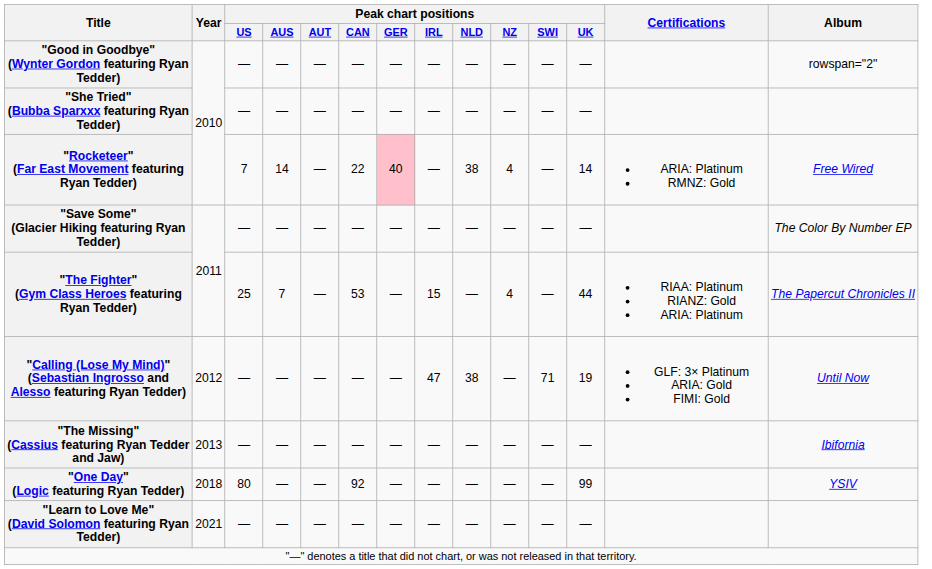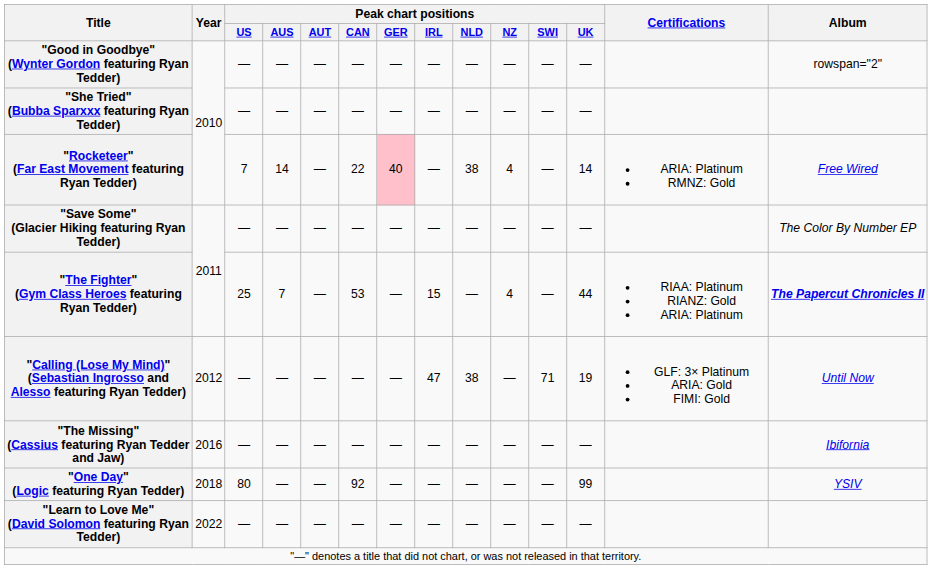 <table class="wikitable plainrowheaders" style="text-align:center;" border="1">
 <tr>
 <th scope="col" rowspan="2" style="width:15em;">Title</th>
 <th scope="col" rowspan="2">Year</th>
 <th scope="col" colspan="10">Peak chart positions</th>
 <th scope="col" rowspan="2" style="width:13em;"><a href='#'>Certifications</a></th>
 <th scope="col" rowspan="2">Album</th>
 </tr>
 <tr>
 <th scope="col" style="width:3em;font-size:90%;"><a href='#'>US</a><br></th>
 <th scope="col" style="width:3em;font-size:90%;"><a href='#'>AUS</a></th>
 <th scope="col" style="width:3em;font-size:90%;"><a href='#'>AUT</a></th>
 <th scope="col" style="width:3em;font-size:90%;"><a href='#'>CAN</a><br></th>
 <th scope="col" style="width:3em;font-size:90%;"><a href='#'>GER</a></th>
 <th scope="col" style="width:3em;font-size:90%;"><a href='#'>IRL</a></th>
 <th scope="col" style="width:3em;font-size:90%;"><a href='#'>NLD</a></th>
 <th scope="col" style="width:3em;font-size:90%;"><a href='#'>NZ</a></th>
 <th scope="col" style="width:3em;font-size:90%;"><a href='#'>SWI</a></th>
 <th scope="col" style="width:3em;font-size:90%;"><a href='#'>UK</a></th>
 </tr>
 <tr>
 <th scope="row">"Good in Goodbye"<br><span>(<a href='#'>Wynter Gordon</a> featuring Ryan Tedder)</span></th>
 <td rowspan="3">2010</td>
 <td>—</td>
 <td>—</td>
 <td>—</td>
 <td>—</td>
 <td>—</td>
 <td>—</td>
 <td>—</td>
 <td>—</td>
 <td>—</td>
 <td>—</td>
 <td></td>
 <td>rowspan="2" </td>
 </tr>
 <tr>
 <th scope="row">"She Tried"<br><span>(<a href='#'>Bubba Sparxxx</a> featuring Ryan Tedder)</span></th>
 <td>—</td>
 <td>—</td>
 <td>—</td>
 <td>—</td>
 <td>—</td>
 <td>—</td>
 <td>—</td>
 <td>—</td>
 <td>—</td>
 <td>—</td>
 <td></td>
 </tr>
 <tr>
 <th scope="row">"<a href='#'>Rocketeer</a>"<br><span>(<a href='#'>Far East Movement</a> featuring Ryan Tedder)</span></th>
 <td>7</td>
 <td>14</td>
 <td>—</td>
 <td>22</td>
 <td style="background: pink;">40</td>
 <td>—</td>
 <td>38</td>
 <td>4</td>
 <td>—</td>
 <td>14</td>
 <td><br><ul><li>ARIA: Platinum</li><li>RMNZ: Gold</li></ul></td>
 <td><em><a href='#'>Free Wired</a></em></td>
 </tr>
 <tr>
 <th scope="row">"Save Some"<br><span>(Glacier Hiking featuring Ryan Tedder)</span></th>
 <td rowspan="2">2011</td>
 <td>—</td>
 <td>—</td>
 <td>—</td>
 <td>—</td>
 <td>—</td>
 <td>—</td>
 <td>—</td>
 <td>—</td>
 <td>—</td>
 <td>—</td>
 <td></td>
 <td><em>The Color By Number EP</em></td>
 </tr>
 <tr>
 <th scope="row">"<a href='#'>The Fighter</a>"<br><span>(<a href='#'>Gym Class Heroes</a> featuring Ryan Tedder)</span></th>
 <td>25</td>
 <td>7</td>
 <td>—</td>
 <td>53</td>
 <td>—</td>
 <td>15</td>
 <td>—</td>
 <td>4</td>
 <td>—</td>
 <td>44</td>
 <td><br><ul><li>RIAA: Platinum</li><li>RIANZ: Gold</li><li>ARIA: Platinum</li></ul></td>
-<td><em><a href='#'>The Papercut Chronicles II</a></em></td>
+<td><strong><em><a href='#'>The Papercut Chronicles II</a></em></strong></td>
 </tr>
 <tr>
 <th scope="row">"<a href='#'>Calling (Lose My Mind)</a>"<br><span>(<a href='#'>Sebastian Ingrosso</a> and <a href='#'>Alesso</a> featuring Ryan Tedder)</span></th>
 <td>2012</td>
 <td>—</td>
 <td>—</td>
 <td>—</td>
 <td>—</td>
 <td>—</td>
 <td>47</td>
 <td>38</td>
 <td>—</td>
 <td>71</td>
 <td>19</td>
 <td><br><ul><li>GLF: 3× Platinum</li><li>ARIA: Gold</li><li>FIMI: Gold</li></ul></td>
 <td><em><a href='#'>Until Now</a></em></td>
 </tr>
 <tr>
 <th scope="row">"The Missing"<br><span>(<a href='#'>Cassius</a> featuring Ryan Tedder and Jaw)</span></th>
-<td>2013</td>
+<td>2016</td>
 <td>—</td>
 <td>—</td>
 <td>—</td>
 <td>—</td>
 <td>—</td>
 <td>—</td>
 <td>—</td>
 <td>—</td>
 <td>—</td>
 <td>—</td>
 <td></td>
 <td><em><a href='#'>Ibifornia</a></em></td>
 </tr>
 <tr>
 <th scope="row">"<a href='#'>One Day</a>"<br><span>(<a href='#'>Logic</a> featuring Ryan Tedder)</span></th>
 <td>2018</td>
 <td>80</td>
 <td>—</td>
 <td>—</td>
 <td>92</td>
 <td>—</td>
 <td>—</td>
 <td>—</td>
 <td>—</td>
 <td>—</td>
 <td>99</td>
 <td></td>
 <td><em><a href='#'>YSIV</a></em></td>
 </tr>
 <tr>
 <th scope="row">"Learn to Love Me" <br><span>(<a href='#'>David Solomon</a> featuring Ryan Tedder)</span></th>
-<td>2021</td>
+<td>2022</td>
 <td>—</td>
 <td>—</td>
 <td>—</td>
 <td>—</td>
 <td>—</td>
 <td>—</td>
 <td>—</td>
 <td>—</td>
 <td>—</td>
 <td>—</td>
 <td></td>
 <td></td>
 </tr>
 <tr>
 <td colspan="15" style="font-size:90%">"—" denotes a title that did not chart, or was not released in that territory.</td>
 </tr>
 </table>
